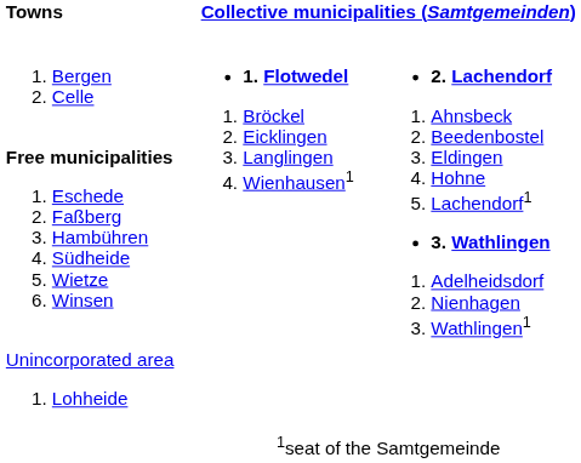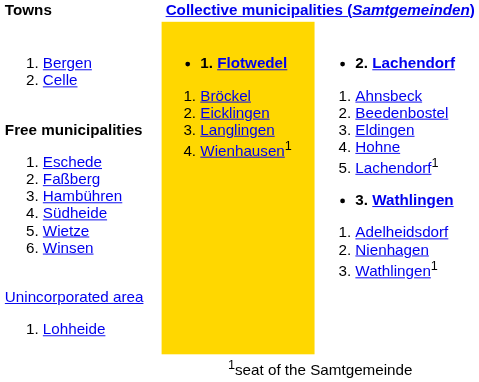 <table>
 <tr>
 <th align=left width=33%>Towns</th>
 <th colspan=2 align=center width=67%><a href='#'>Collective municipalities (<em>Samtgemeinden</em>)</a></th>
 </tr>
 <tr valign=top>
 <td><br><ol><li><a href='#'>Bergen</a></li><li><a href='#'>Celle</a></li></ol><br> <strong>Free municipalities</strong><br><ol><li><a href='#'>Eschede</a></li><li><a href='#'>Faßberg</a></li><li><a href='#'>Hambühren</a></li><li><a href='#'>Südheide</a></li><li><a href='#'>Wietze</a></li><li><a href='#'>Winsen</a></li></ol><br> <a href='#'>Unincorporated area</a><br><ol><li><a href='#'>Lohheide</a></li></ol></td>
-<td><br><ul><li><strong>1. <a href='#'>Flotwedel</a></strong></li></ul><ol><li><a href='#'>Bröckel</a></li><li><a href='#'>Eicklingen</a></li><li><a href='#'>Langlingen</a></li><li><a href='#'>Wienhausen</a><sup>1</sup></li></ol></td>
+<td style="background: gold;"><br><ul><li><strong>1. <a href='#'>Flotwedel</a></strong></li></ul><ol><li><a href='#'>Bröckel</a></li><li><a href='#'>Eicklingen</a></li><li><a href='#'>Langlingen</a></li><li><a href='#'>Wienhausen</a><sup>1</sup></li></ol></td>
 <td><br><ul><li><strong>2. <a href='#'>Lachendorf</a></strong></li></ul><ol><li><a href='#'>Ahnsbeck</a></li><li><a href='#'>Beedenbostel</a></li><li><a href='#'>Eldingen</a></li><li><a href='#'>Hohne</a></li><li><a href='#'>Lachendorf</a><sup>1</sup></li></ol><ul><li><strong>3. <a href='#'>Wathlingen</a></strong></li></ul><ol><li><a href='#'>Adelheidsdorf</a></li><li><a href='#'>Nienhagen</a></li><li><a href='#'>Wathlingen</a><sup>1</sup></li></ol></td>
 </tr>
 <tr>
 <td></td>
 <td colspan=2 align=center><sup>1</sup>seat of the Samtgemeinde</td>
 </tr>
 </table>
